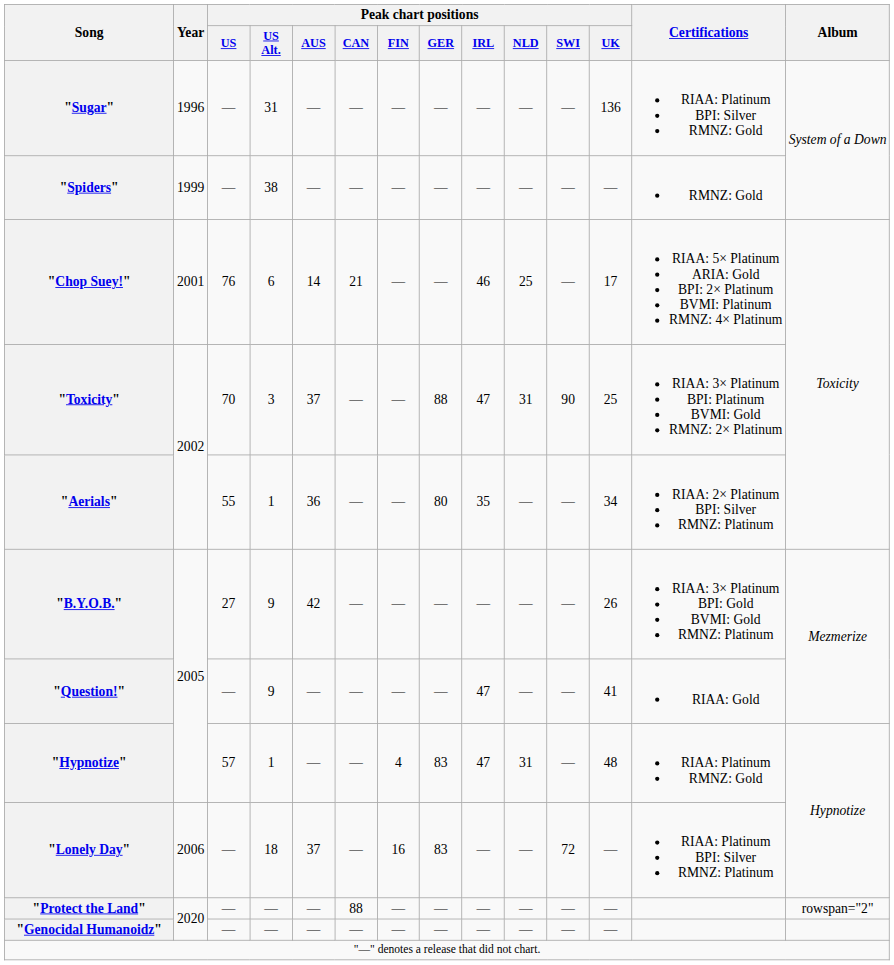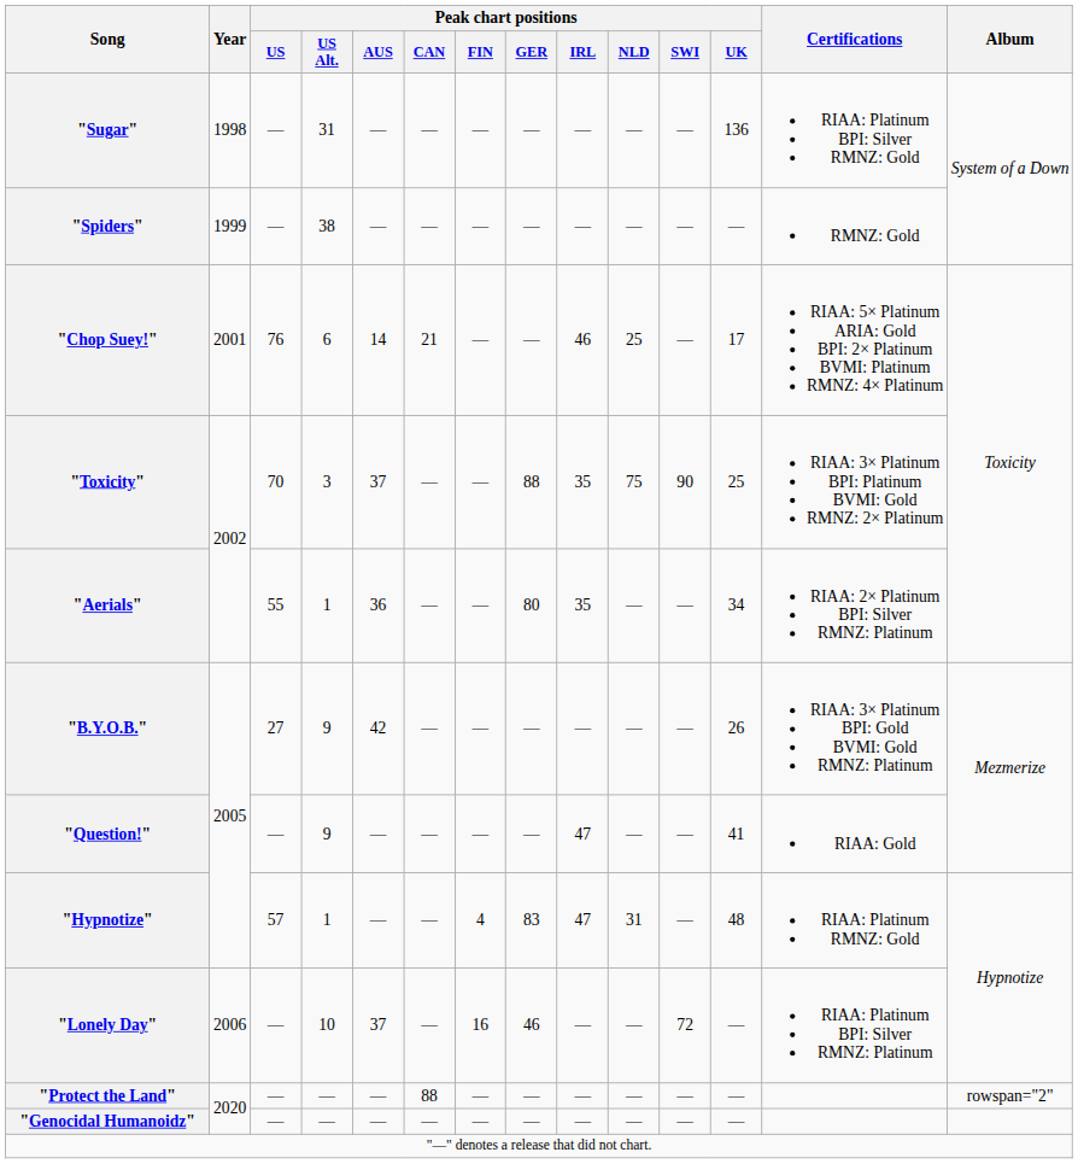 <table class="wikitable plainrowheaders" style="text-align: center;" border="1">
 <tr>
 <th rowspan="2" style="width:12em;">Song</th>
 <th rowspan="2">Year</th>
 <th colspan="10">Peak chart positions</th>
 <th rowspan="2"><a href='#'>Certifications</a></th>
 <th rowspan="2">Album</th>
 </tr>
 <tr>
 <th style="width:3em;font-size:90%;"><a href='#'>US</a><br></th>
 <th style="width:3em;font-size:90%;"><a href='#'>US<br>Alt.</a><br></th>
 <th style="width:3em;font-size:90%;"><a href='#'>AUS</a><br></th>
 <th style="width:3em;font-size:90%;"><a href='#'>CAN</a><br></th>
 <th style="width:3em;font-size:90%;"><a href='#'>FIN</a><br></th>
 <th style="width:3em;font-size:90%;"><a href='#'>GER</a><br></th>
 <th style="width:3em;font-size:90%;"><a href='#'>IRL</a><br></th>
 <th style="width:3em;font-size:90%;"><a href='#'>NLD</a><br></th>
 <th style="width:3em;font-size:90%;"><a href='#'>SWI</a><br></th>
 <th style="width:3em;font-size:90%;"><a href='#'>UK</a><br></th>
 </tr>
 <tr>
 <th scope="row">"<a href='#'>Sugar</a>"</th>
-<td>1996</td>
+<td>1998</td>
 <td>—</td>
 <td>31</td>
 <td>—</td>
 <td>—</td>
 <td>—</td>
 <td>—</td>
 <td>—</td>
 <td>—</td>
 <td>—</td>
 <td>136</td>
 <td><br><ul><li>RIAA: Platinum</li><li>BPI: Silver</li><li>RMNZ: Gold</li></ul></td>
 <td rowspan="2"><em>System of a Down</em></td>
 </tr>
 <tr>
 <th scope="row">"<a href='#'>Spiders</a>"</th>
 <td>1999</td>
 <td>—</td>
 <td>38</td>
 <td>—</td>
 <td>—</td>
 <td>—</td>
 <td>—</td>
 <td>—</td>
 <td>—</td>
 <td>—</td>
 <td>—</td>
 <td><br><ul><li>RMNZ: Gold</li></ul></td>
 </tr>
 <tr>
 <th scope="row">"<a href='#'>Chop Suey!</a>"</th>
 <td>2001</td>
 <td>76</td>
 <td>6</td>
 <td>14</td>
 <td>21</td>
 <td>—</td>
 <td>—</td>
 <td>46</td>
 <td>25</td>
 <td>—</td>
 <td>17</td>
 <td><br><ul><li>RIAA: 5× Platinum</li><li>ARIA: Gold</li><li>BPI: 2× Platinum</li><li>BVMI: Platinum</li><li>RMNZ: 4× Platinum</li></ul></td>
 <td rowspan="3"><em>Toxicity</em></td>
 </tr>
 <tr>
 <th scope="row">"<a href='#'>Toxicity</a>"</th>
 <td rowspan="2">2002</td>
 <td>70</td>
 <td>3</td>
 <td>37</td>
 <td>—</td>
 <td>—</td>
 <td>88</td>
-<td>47</td>
-<td>31</td>
+<td>35</td>
+<td>75</td>
 <td>90</td>
 <td>25</td>
 <td><br><ul><li>RIAA: 3× Platinum</li><li>BPI: Platinum</li><li>BVMI: Gold</li><li>RMNZ: 2× Platinum</li></ul></td>
 </tr>
 <tr>
 <th scope="row">"<a href='#'>Aerials</a>"</th>
 <td>55</td>
 <td>1</td>
 <td>36</td>
 <td>—</td>
 <td>—</td>
 <td>80</td>
 <td>35</td>
 <td>—</td>
 <td>—</td>
 <td>34</td>
 <td><br><ul><li>RIAA: 2× Platinum</li><li>BPI: Silver</li><li>RMNZ: Platinum</li></ul></td>
 </tr>
 <tr>
 <th scope="row">"<a href='#'>B.Y.O.B.</a>"</th>
 <td rowspan="3">2005</td>
 <td>27</td>
 <td>9</td>
 <td>42</td>
 <td>—</td>
 <td>—</td>
 <td>—</td>
 <td>—</td>
 <td>—</td>
 <td>—</td>
 <td>26</td>
 <td><br><ul><li>RIAA: 3× Platinum</li><li>BPI: Gold</li><li>BVMI: Gold</li><li>RMNZ: Platinum</li></ul></td>
 <td rowspan="2"><em>Mezmerize</em></td>
 </tr>
 <tr>
 <th scope="row">"<a href='#'>Question!</a>"</th>
 <td>—</td>
 <td>9</td>
 <td>—</td>
 <td>—</td>
 <td>—</td>
 <td>—</td>
 <td>47</td>
 <td>—</td>
 <td>—</td>
 <td>41</td>
 <td><br><ul><li>RIAA: Gold</li></ul></td>
 </tr>
 <tr>
 <th scope="row">"<a href='#'>Hypnotize</a>"</th>
 <td>57</td>
 <td>1</td>
 <td>—</td>
 <td>—</td>
 <td>4</td>
 <td>83</td>
 <td>47</td>
 <td>31</td>
 <td>—</td>
 <td>48</td>
 <td><br><ul><li>RIAA: Platinum</li><li>RMNZ: Gold</li></ul></td>
 <td rowspan="2"><em>Hypnotize</em></td>
 </tr>
 <tr>
 <th scope="row">"<a href='#'>Lonely Day</a>"</th>
 <td>2006</td>
 <td>—</td>
-<td>18</td>
+<td>10</td>
 <td>37</td>
 <td>—</td>
 <td>16</td>
-<td>83</td>
+<td>46</td>
 <td>—</td>
 <td>—</td>
 <td>72</td>
 <td>—</td>
 <td><br><ul><li>RIAA: Platinum</li><li>BPI: Silver</li><li>RMNZ: Platinum</li></ul></td>
 </tr>
 <tr>
 <th scope="row">"<a href='#'>Protect the Land</a>"</th>
 <td rowspan="2">2020</td>
 <td>—</td>
 <td>—</td>
 <td>—</td>
 <td>88</td>
 <td>—</td>
 <td>—</td>
 <td>—</td>
 <td>—</td>
 <td>—</td>
 <td>—</td>
 <td></td>
 <td>rowspan="2" </td>
 </tr>
 <tr>
 <th scope="row">"<a href='#'>Genocidal Humanoidz</a>"</th>
 <td>—</td>
 <td>—</td>
 <td>—</td>
 <td>—</td>
 <td>—</td>
 <td>—</td>
 <td>—</td>
 <td>—</td>
 <td>—</td>
 <td>—</td>
 <td></td>
 </tr>
 <tr>
 <td colspan="14" style="text-align:center; font-size:85%;">"—" denotes a release that did not chart.</td>
 </tr>
 </table>
